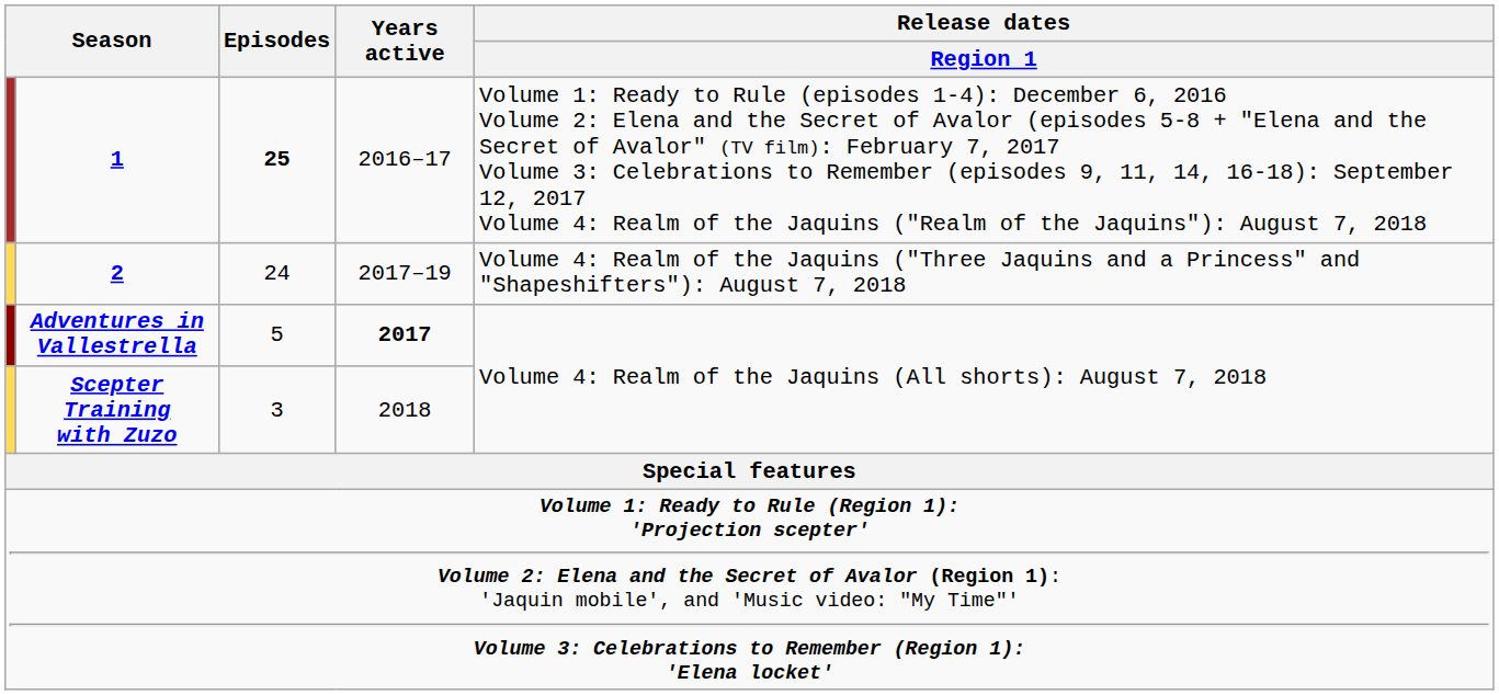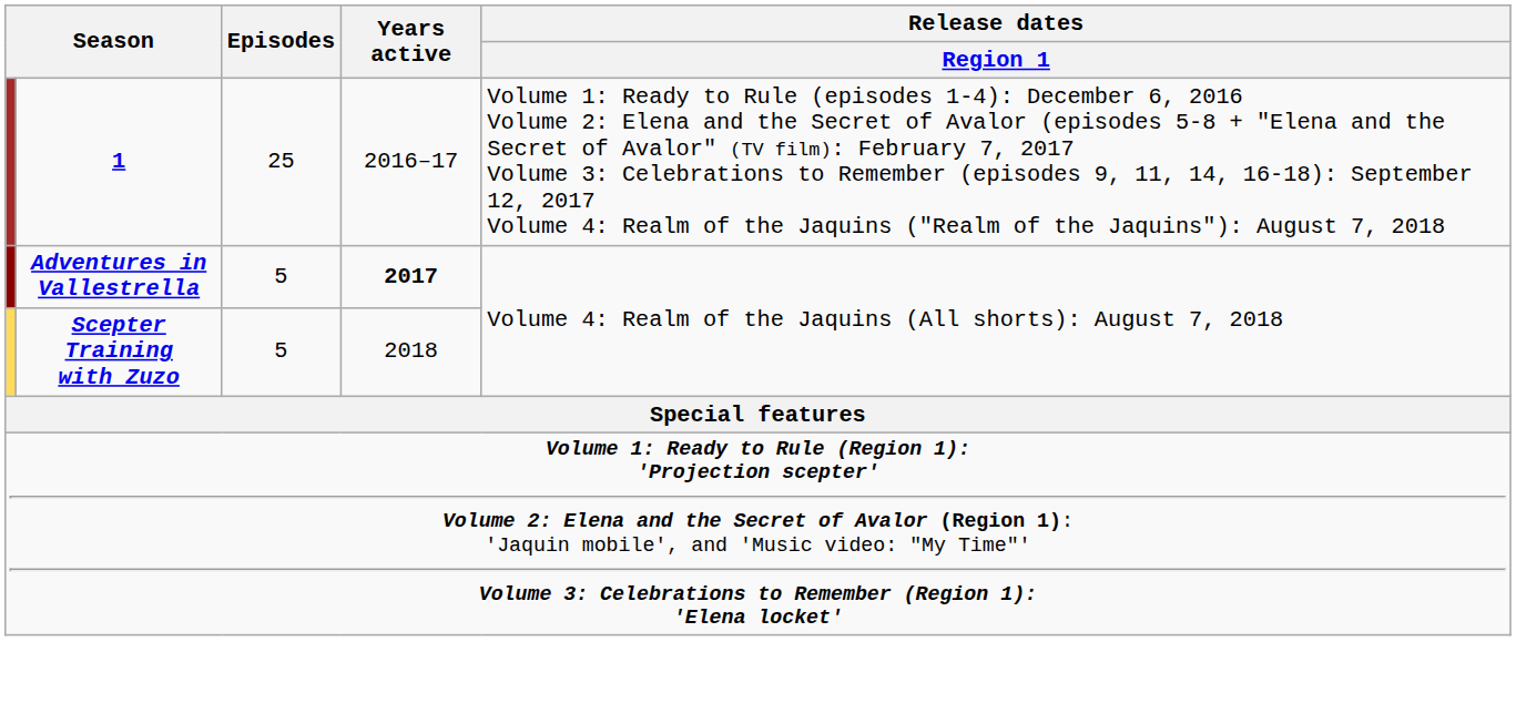 <table class="wikitable">
 <tr>
 <th colspan=2 rowspan=2>Season</th>
 <th rowspan=2>Episodes</th>
 <th rowspan=2>Years active</th>
 <th>Release dates</th>
 </tr>
 <tr>
 <th><a href='#'>Region 1</a></th>
 </tr>
 <tr>
 <td style="background:#A52A2A"></td>
 <td style="text-align: center"><strong><a href='#'>1</a></strong></td>
-<td style="text-align: center"><strong>25</strong></td>
+<td style="text-align: center">25</td>
 <td style="text-align: center">2016–17</td>
 <td>Volume 1: Ready to Rule (episodes 1-4): December 6, 2016<br>Volume 2: Elena and the Secret of Avalor (episodes 5-8 + "Elena and the Secret of Avalor" <small>(TV film)</small>: February 7, 2017<br>Volume 3: Celebrations to Remember (episodes 9, 11, 14, 16-18): September 12, 2017<br>Volume 4: Realm of the Jaquins ("Realm of the Jaquins"): August 7, 2018</td>
-</tr>
-<tr>
-<td style="background:#FFDB58"></td>
-<td style="text-align: center"><strong><a href='#'>2</a></strong></td>
-<td style="text-align: center">24</td>
-<td style="text-align: center">2017–19</td>
-<td>Volume 4: Realm of the Jaquins ("Three Jaquins and a Princess" and "Shapeshifters"): August 7, 2018</td>
 </tr>
 <tr>
 <td style="background:#8B0000"></td>
 <td style="text-align: center"><strong><em><a href='#'>Adventures in<br>Vallestrella</a></em></strong></td>
 <td style="text-align: center">5</td>
 <td style="text-align: center"><strong>2017</strong></td>
 <td rowspan=2>Volume 4: Realm of the Jaquins (All shorts): August 7, 2018</td>
 </tr>
 <tr>
 <td style="background:#FFDB58"></td>
 <td style="text-align: center"><strong><em><a href='#'>Scepter Training<br>with Zuzo</a></em></strong></td>
-<td style="text-align: center">3</td>
+<td style="text-align: center">5</td>
 <td style="text-align: center">2018</td>
 </tr>
 <tr>
 <th colspan=5>Special features</th>
 </tr>
 <tr style="text-align: center; font-size:90%">
 <td colspan=5><strong><em>Volume 1: Ready to Rule<em> (Region 1)<strong>:<br>'Projection scepter'<hr></em></strong>Volume 2: Elena and the Secret of Avalor</em> (Region 1)</strong>:<br>'Jaquin mobile', and 'Music video: "My Time"'<hr><strong><em>Volume 3: Celebrations to Remember<em> (Region 1)<strong>:<br>'Elena locket'</td>
 </tr>
 </table>
